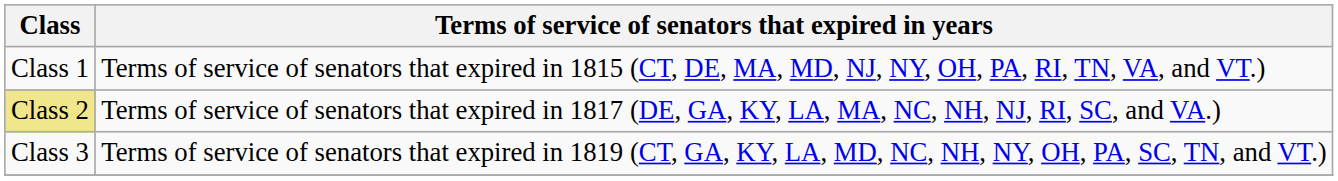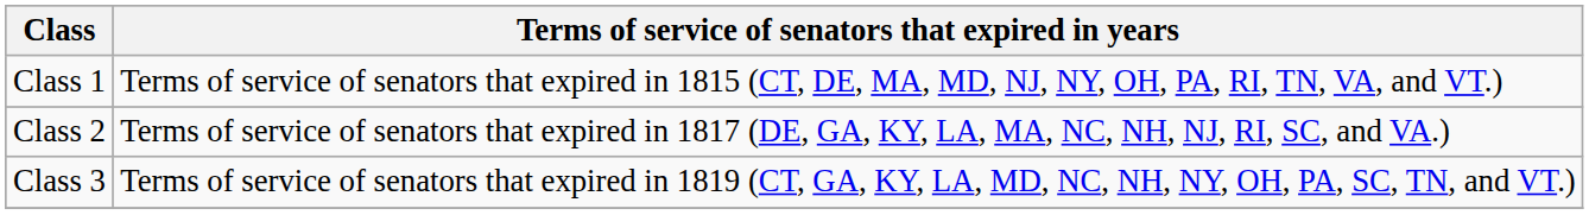 <table class="wikitable sortable">
 <tr valign=bottom>
 <th>Class</th>
 <th>Terms of service of senators that expired in years</th>
 </tr>
 <tr>
 <td>Class 1</td>
 <td>Terms of service of senators that expired in 1815 (<a href='#'>CT</a>, <a href='#'>DE</a>, <a href='#'>MA</a>, <a href='#'>MD</a>, <a href='#'>NJ</a>, <a href='#'>NY</a>, <a href='#'>OH</a>, <a href='#'>PA</a>, <a href='#'>RI</a>, <a href='#'>TN</a>, <a href='#'>VA</a>, and <a href='#'>VT</a>.)</td>
 </tr>
 <tr>
-<td style="background: khaki;">Class 2</td>
+<td>Class 2</td>
 <td>Terms of service of senators that expired in 1817 (<a href='#'>DE</a>, <a href='#'>GA</a>, <a href='#'>KY</a>, <a href='#'>LA</a>, <a href='#'>MA</a>, <a href='#'>NC</a>, <a href='#'>NH</a>, <a href='#'>NJ</a>, <a href='#'>RI</a>, <a href='#'>SC</a>, and <a href='#'>VA</a>.)</td>
 </tr>
 <tr>
 <td>Class 3</td>
 <td>Terms of service of senators that expired in 1819 (<a href='#'>CT</a>, <a href='#'>GA</a>, <a href='#'>KY</a>, <a href='#'>LA</a>, <a href='#'>MD</a>, <a href='#'>NC</a>, <a href='#'>NH</a>, <a href='#'>NY</a>, <a href='#'>OH</a>, <a href='#'>PA</a>, <a href='#'>SC</a>, <a href='#'>TN</a>, and <a href='#'>VT</a>.)</td>
 </tr>
 <tr>
 </tr>
 </table>
